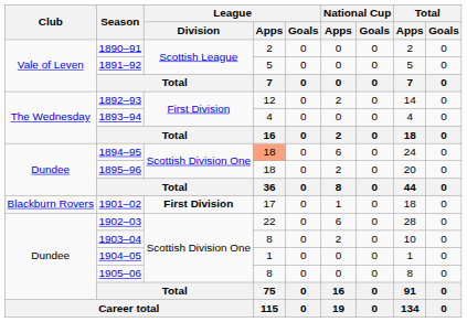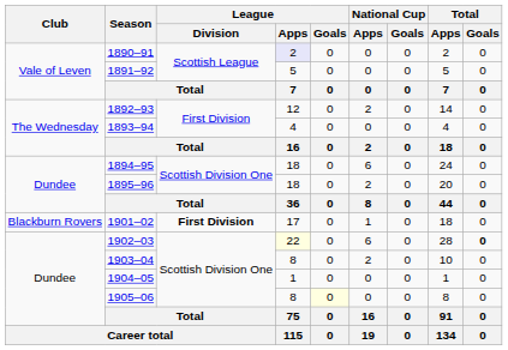 <table class="wikitable" style="text-align: center;">
 <tr>
 <th rowspan="2">Club</th>
 <th rowspan="2">Season</th>
 <th colspan="3">League</th>
 <th colspan="2">National Cup</th>
 <th colspan="2">Total</th>
 </tr>
 <tr>
 <th>Division</th>
 <th>Apps</th>
 <th>Goals</th>
 <th>Apps</th>
 <th>Goals</th>
 <th>Apps</th>
 <th>Goals</th>
 </tr>
 <tr>
 <td rowspan="3"><a href='#'>Vale of Leven</a></td>
 <td><a href='#'>1890–91</a></td>
 <td rowspan="2"><a href='#'>Scottish League</a></td>
-<td>2</td>
+<td style="background: lavender;">2</td>
 <td>0</td>
 <td>0</td>
 <td>0</td>
 <td>2</td>
 <td>0</td>
 </tr>
 <tr>
 <td><a href='#'>1891–92</a></td>
 <td>5</td>
 <td>0</td>
 <td>0</td>
 <td>0</td>
 <td>5</td>
 <td>0</td>
 </tr>
 <tr>
 <th colspan="2">Total</th>
 <th>7</th>
 <th>0</th>
 <th>0</th>
 <th>0</th>
 <th>7</th>
 <th>0</th>
 </tr>
 <tr>
 <td rowspan="3"><a href='#'>The Wednesday</a></td>
 <td><a href='#'>1892–93</a></td>
 <td rowspan="2"><a href='#'>First Division</a></td>
 <td>12</td>
 <td>0</td>
 <td>2</td>
 <td>0</td>
 <td>14</td>
 <td>0</td>
 </tr>
 <tr>
 <td><a href='#'>1893–94</a></td>
 <td>4</td>
 <td>0</td>
 <td>0</td>
 <td>0</td>
 <td>4</td>
 <td>0</td>
 </tr>
 <tr>
 <th colspan="2">Total</th>
 <th>16</th>
 <th>0</th>
 <th>2</th>
 <th>0</th>
 <th>18</th>
 <th>0</th>
 </tr>
 <tr>
 <td rowspan="3"><a href='#'>Dundee</a></td>
 <td><a href='#'>1894–95</a></td>
 <td rowspan="2"><a href='#'>Scottish Division One</a></td>
-<td style="background: lightsalmon;">18</td>
+<td>18</td>
 <td>0</td>
 <td>6</td>
 <td>0</td>
 <td>24</td>
 <td>0</td>
 </tr>
 <tr>
 <td><a href='#'>1895–96</a></td>
 <td>18</td>
 <td>0</td>
 <td>2</td>
 <td>0</td>
 <td>20</td>
 <td>0</td>
 </tr>
 <tr>
 <th colspan="2">Total</th>
 <th>36</th>
 <th>0</th>
 <th>8</th>
 <th>0</th>
 <th>44</th>
 <th>0</th>
 </tr>
 <tr>
 <td><a href='#'>Blackburn Rovers</a></td>
 <td><a href='#'>1901–02</a></td>
 <td><strong>First Division</strong></td>
 <td>17</td>
 <td>0</td>
 <td>1</td>
 <td>0</td>
 <td>18</td>
 <td>0</td>
 </tr>
 <tr>
 <td rowspan="5">Dundee</td>
 <td><a href='#'>1902–03</a></td>
 <td rowspan="4">Scottish Division One</td>
-<td>22</td>
+<td style="background: lightyellow;">22</td>
 <td>0</td>
 <td>6</td>
 <td>0</td>
 <td>28</td>
-<td>0</td>
+<td><strong>0</strong></td>
 </tr>
 <tr>
 <td><a href='#'>1903–04</a></td>
 <td>8</td>
 <td>0</td>
 <td>2</td>
 <td>0</td>
 <td>10</td>
 <td>0</td>
 </tr>
 <tr>
 <td><a href='#'>1904–05</a></td>
 <td>1</td>
 <td>0</td>
 <td>0</td>
 <td>0</td>
 <td>1</td>
 <td>0</td>
 </tr>
 <tr>
 <td><a href='#'>1905–06</a></td>
 <td>8</td>
-<td>0</td>
+<td style="background: lightyellow;">0</td>
 <td>0</td>
 <td>0</td>
 <td>8</td>
 <td>0</td>
 </tr>
 <tr>
 <th colspan="2">Total</th>
 <th>75</th>
 <th>0</th>
 <th>16</th>
 <th>0</th>
 <th>91</th>
 <th>0</th>
 </tr>
 <tr>
 <th colspan="3">Career total</th>
 <th>115</th>
 <th>0</th>
 <th>19</th>
 <th>0</th>
 <th>134</th>
 <th>0</th>
 </tr>
 </table>
